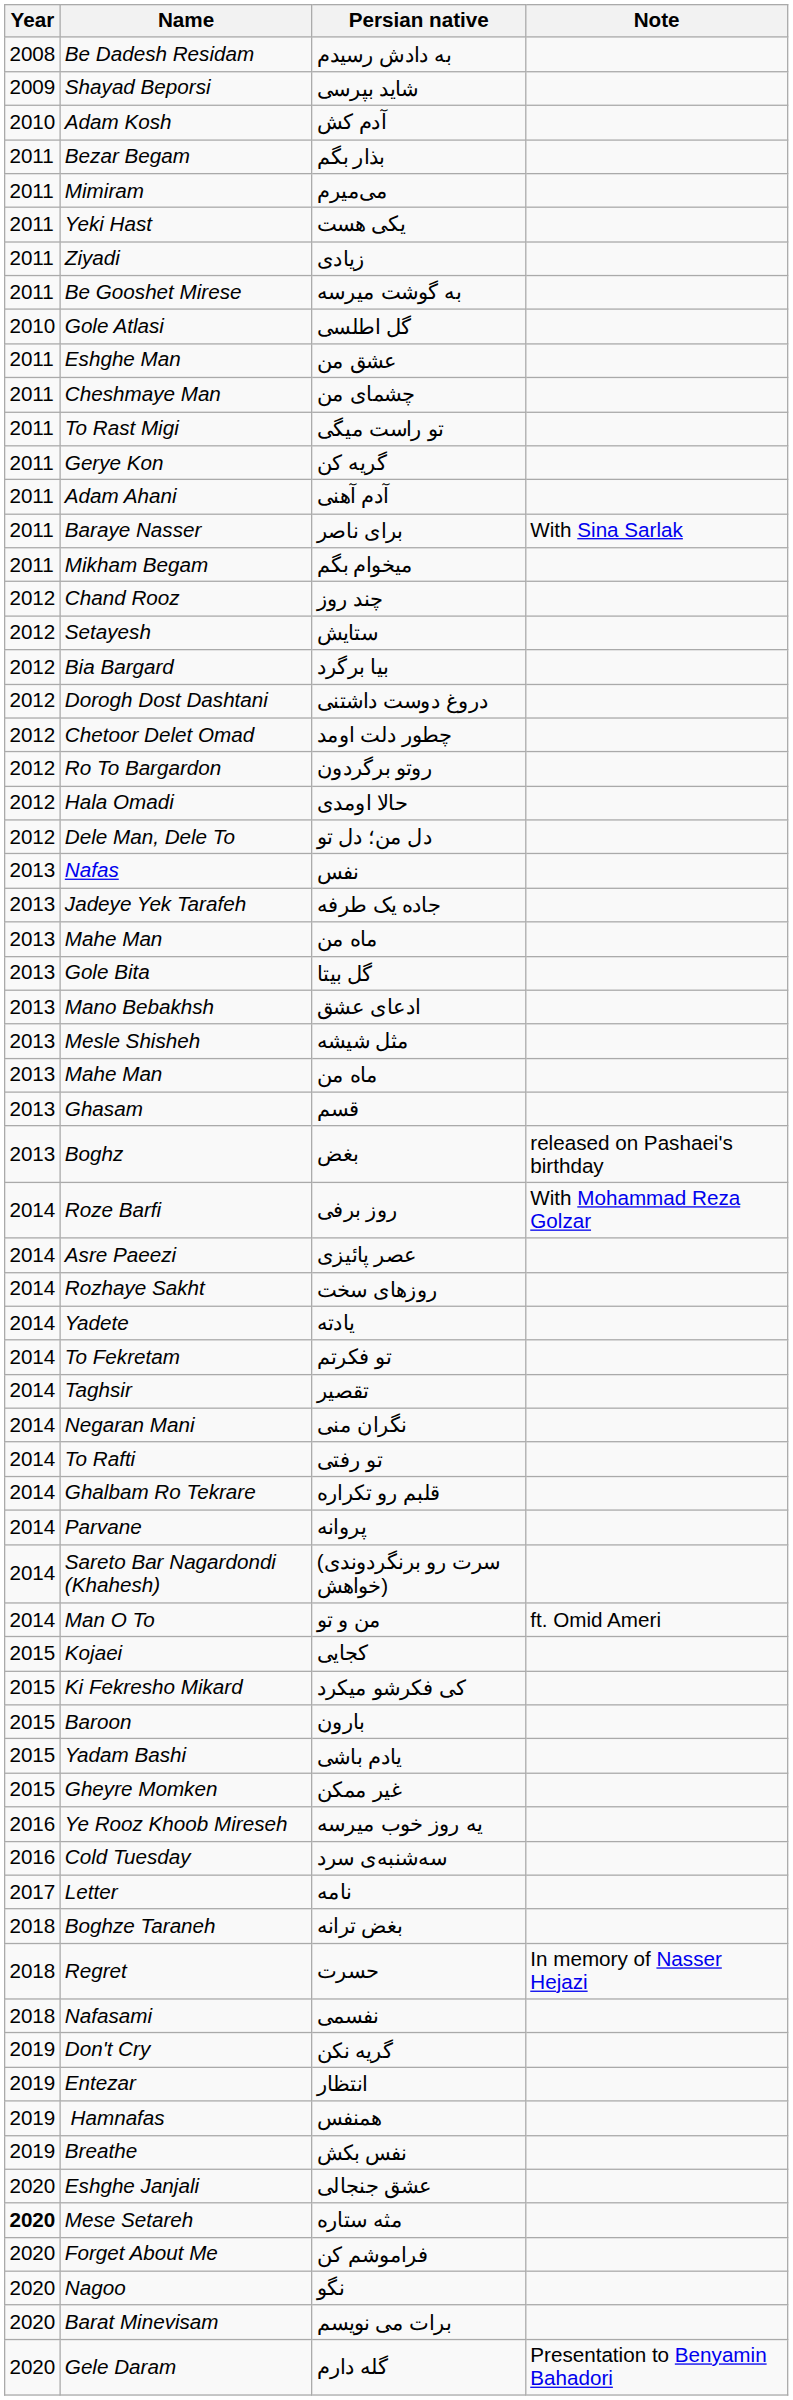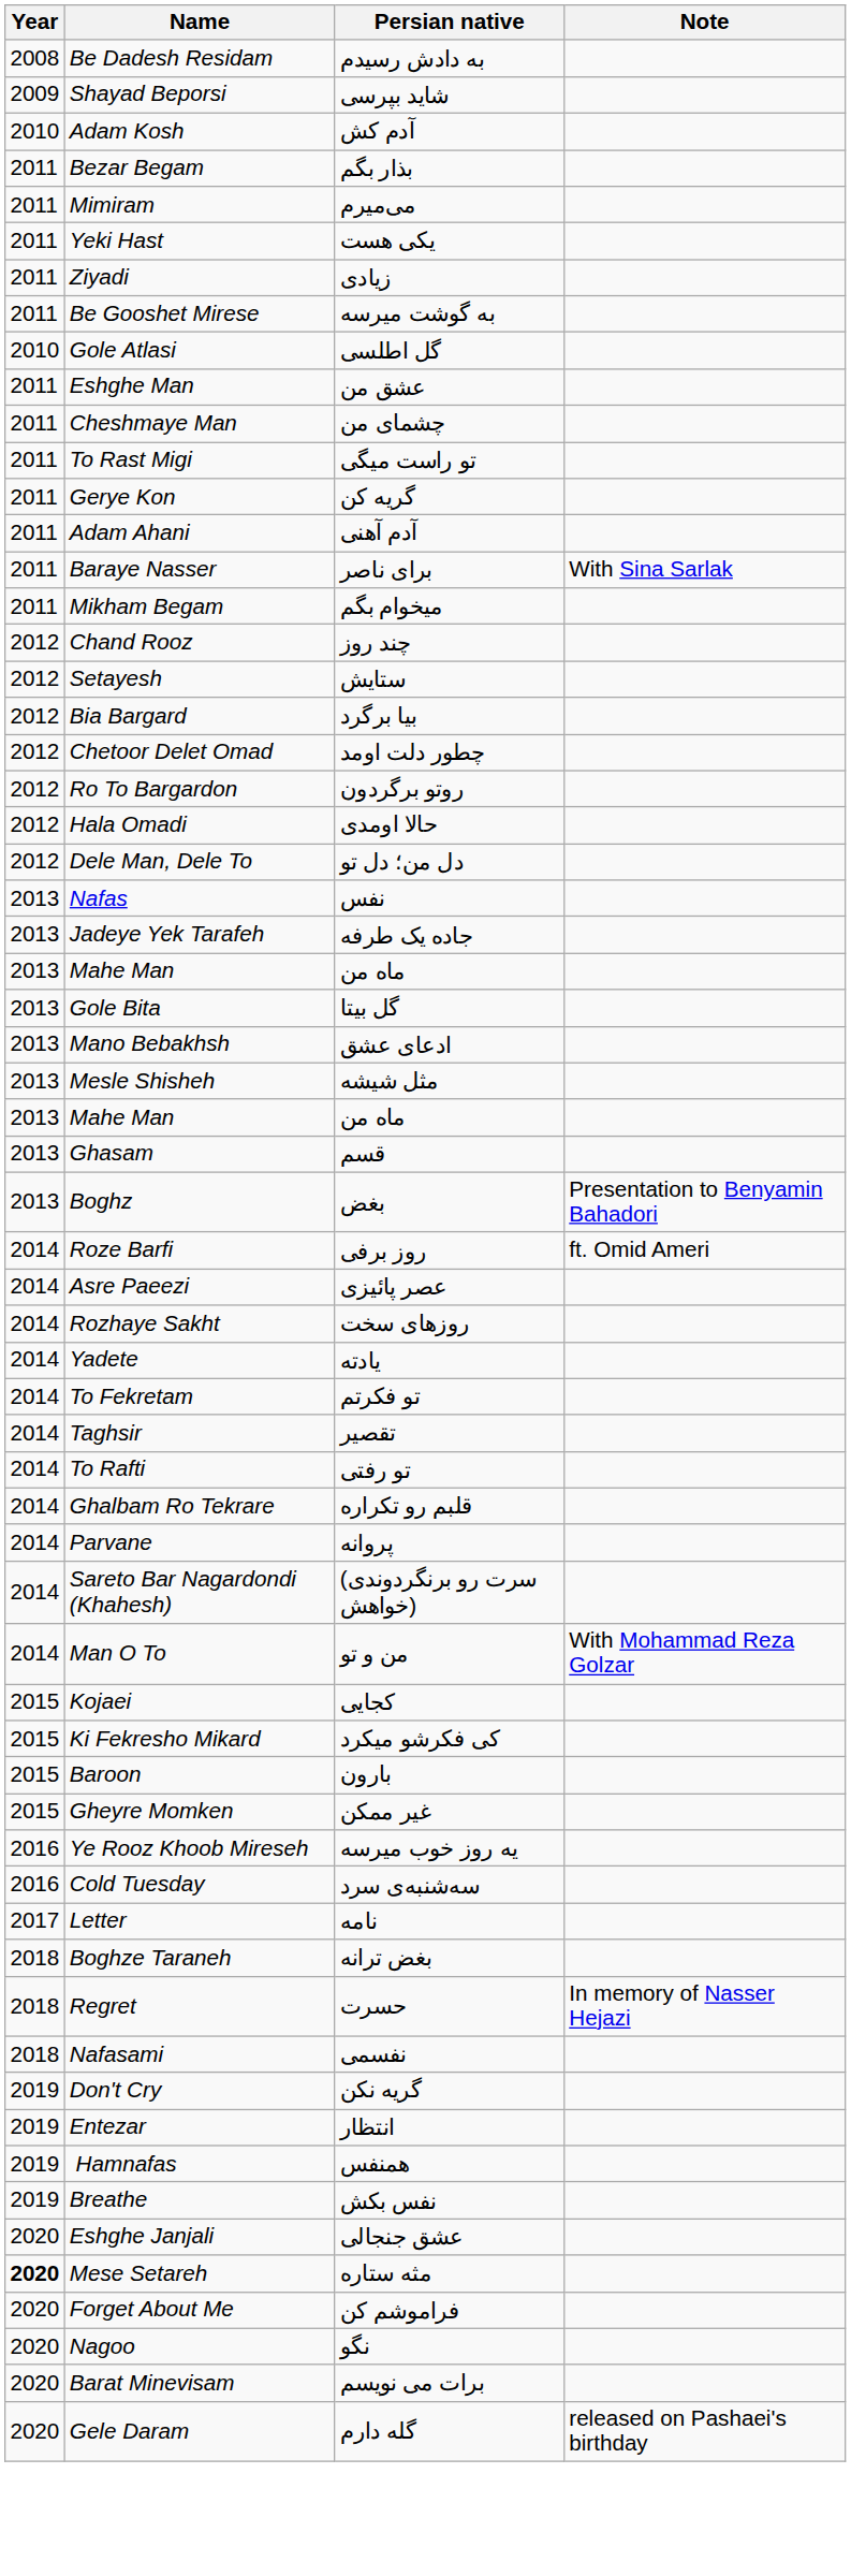 <table class="wikitable">
 <tr>
 <th rowspan="1">Year</th>
 <th rowspan="1">Name</th>
 <th rowspan="1">Persian native</th>
 <th rowspan="1">Note</th>
 </tr>
 <tr>
 <td>2008</td>
 <td><em>Be Dadesh Residam </em></td>
 <td>به دادش رسيدم</td>
 <td></td>
 </tr>
 <tr>
 <td>2009</td>
 <td><em>Shayad Beporsi</em></td>
 <td>شاید بپرسی</td>
 <td></td>
 </tr>
 <tr>
 <td>2010</td>
 <td><em>Adam Kosh</em></td>
 <td>آدم کش</td>
 <td></td>
 </tr>
 <tr>
 <td>2011</td>
 <td><em>Bezar Begam</em></td>
 <td>بذار بگم</td>
 <td></td>
 </tr>
 <tr>
 <td>2011</td>
 <td><em>Mimiram</em></td>
 <td>می‌میرم</td>
 <td></td>
 </tr>
 <tr>
 <td>2011</td>
 <td><em>Yeki Hast</em></td>
 <td>یکی هست</td>
 <td></td>
 </tr>
 <tr>
 <td>2011</td>
 <td><em>Ziyadi</em></td>
 <td>زیادی</td>
 <td></td>
 </tr>
 <tr>
 <td>2011</td>
 <td><em> ‌Be Gooshet Mirese </em></td>
 <td>به گوشت میرسه</td>
 <td></td>
 </tr>
 <tr>
 <td>2010</td>
 <td><em>Gole Atlasi</em></td>
 <td>گل اطلسی</td>
 <td></td>
 </tr>
 <tr>
 <td>2011</td>
 <td><em>Eshghe Man</em></td>
 <td>عشق من</td>
 <td></td>
 </tr>
 <tr>
 <td>2011</td>
 <td><em>Cheshmaye Man</em></td>
 <td>چشمای من</td>
 <td></td>
 </tr>
 <tr>
 <td>2011</td>
 <td><em>To Rast Migi</em></td>
 <td>تو راست میگی</td>
 <td></td>
 </tr>
 <tr>
 <td>2011</td>
 <td><em>Gerye Kon</em></td>
 <td>گریه کن</td>
 <td></td>
 </tr>
 <tr>
 <td>2011</td>
 <td><em>Adam Ahani</em></td>
 <td>آدم آهنی</td>
 <td></td>
 </tr>
 <tr>
 <td>2011</td>
 <td><em>Baraye Nasser</em></td>
 <td>برای ناصر</td>
 <td>With <a href='#'>Sina Sarlak</a></td>
 </tr>
 <tr>
 <td>2011</td>
 <td><em>Mikham Begam</em></td>
 <td>میخوام بگم</td>
 <td></td>
 </tr>
 <tr>
 <td>2012</td>
 <td><em>Chand Rooz</em></td>
 <td>چند روز</td>
 <td></td>
 </tr>
 <tr>
 <td>2012</td>
 <td><em>Setayesh</em></td>
 <td>ستایش</td>
 <td></td>
 </tr>
 <tr>
 <td>2012</td>
 <td><em>Bia Bargard</em></td>
 <td>بیا برگرد</td>
 <td></td>
 </tr>
 <tr>
 <td>2012</td>
-<td><em>Dorogh Dost Dashtani</em></td>
-<td>دروغ دوست داشتنی</td>
-<td></td>
-</tr>
-<tr>
-<td>2012</td>
 <td><em>Chetoor Delet Omad</em></td>
 <td>چطور دلت اومد</td>
 <td></td>
 </tr>
 <tr>
 <td>2012</td>
 <td><em>Ro To Bargardon</em></td>
 <td>روتو برگردون</td>
 <td></td>
 </tr>
 <tr>
 <td>2012</td>
 <td><em>Hala Omadi</em></td>
 <td>حالا اومدی</td>
 <td></td>
 </tr>
 <tr>
 <td>2012</td>
 <td><em>Dele Man, Dele To</em></td>
 <td>دل من؛ دل تو</td>
 <td></td>
 </tr>
 <tr>
 <td>2013</td>
 <td><em><a href='#'>Nafas</a></em></td>
 <td>نفس</td>
 <td></td>
 </tr>
 <tr>
 <td>2013</td>
 <td><em>Jadeye Yek Tarafeh</em></td>
 <td>جاده یک طرفه</td>
 <td></td>
 </tr>
 <tr>
 <td>2013</td>
 <td><em>Mahe Man</em></td>
 <td>ماه من</td>
 <td></td>
 </tr>
 <tr>
 <td>2013</td>
 <td><em>Gole Bita</em></td>
 <td>گل بیتا</td>
 <td></td>
 </tr>
 <tr>
 <td>2013</td>
 <td><em>Mano Bebakhsh</em></td>
 <td>ادعای عشق</td>
 <td></td>
 </tr>
 <tr>
 <td>2013</td>
 <td><em>Mesle Shisheh</em></td>
 <td>مثل شیشه</td>
 <td></td>
 </tr>
 <tr>
 <td>2013</td>
 <td><em>Mahe Man</em></td>
 <td>ماه من</td>
 <td></td>
 </tr>
 <tr>
 <td>2013</td>
 <td><em>Ghasam</em></td>
 <td>قسم</td>
 <td></td>
 </tr>
 <tr>
 <td>2013</td>
 <td><em>Boghz</em></td>
 <td>بغض</td>
-<td>released on Pashaei's birthday</td>
+<td>Presentation to <a href='#'>Benyamin Bahadori</a></td>
 </tr>
 <tr>
 <td>2014</td>
 <td><em>Roze Barfi</em></td>
 <td>روز برفی</td>
-<td>With <a href='#'>Mohammad Reza Golzar</a></td>
+<td>ft. Omid Ameri</td>
 </tr>
 <tr>
 <td>2014</td>
 <td><em>Asre Paeezi</em></td>
 <td>عصر پائیزی</td>
 <td></td>
 </tr>
 <tr>
 <td>2014</td>
 <td><em>Rozhaye Sakht</em></td>
 <td>روزهای سخت</td>
 <td></td>
 </tr>
 <tr>
 <td>2014</td>
 <td><em>Yadete</em></td>
 <td>یادته</td>
 <td></td>
 </tr>
 <tr>
 <td>2014</td>
 <td><em>To Fekretam</em></td>
 <td>تو فکرتم</td>
 <td></td>
 </tr>
 <tr>
 <td>2014</td>
 <td><em>Taghsir</em></td>
 <td>تقصیر</td>
 <td></td>
 </tr>
 <tr>
 <td>2014</td>
-<td><em>Negaran Mani</em></td>
-<td>نگران منی</td>
-<td></td>
-</tr>
-<tr>
-<td>2014</td>
 <td><em>To Rafti</em></td>
 <td>تو رفتی</td>
 <td></td>
 </tr>
 <tr>
 <td>2014</td>
 <td><em>Ghalbam Ro Tekrare</em></td>
 <td>قلبم رو تکراره</td>
 <td></td>
 </tr>
 <tr>
 <td>2014</td>
 <td><em>Parvane</em></td>
 <td>پروانه</td>
 <td></td>
 </tr>
 <tr>
 <td>2014</td>
 <td><em>Sareto Bar Nagardondi (‌Khahesh)</em></td>
 <td>(سرت رو برنگردوندی (خواهش</td>
 <td></td>
 </tr>
 <tr>
 <td>2014</td>
 <td><em> Man O To </em></td>
 <td>من و تو</td>
-<td>ft. Omid Ameri</td>
+<td>With <a href='#'>Mohammad Reza Golzar</a></td>
 </tr>
 <tr>
 <td>2015</td>
 <td><em>Kojaei</em></td>
 <td>کجایی</td>
 <td></td>
 </tr>
 <tr>
 <td>2015</td>
 <td><em>Ki Fekresho Mikard</em></td>
 <td>کی فکرشو میکرد</td>
 <td></td>
 </tr>
 <tr>
 <td>2015</td>
 <td><em>Baroon</em></td>
 <td>بارون</td>
-<td></td>
-</tr>
-<tr>
-<td>2015</td>
-<td><em>Yadam Bashi</em></td>
-<td>یادم باشی</td>
 <td></td>
 </tr>
 <tr>
 <td>2015</td>
 <td><em>Gheyre Momken</em></td>
 <td>غیر ممکن</td>
 <td></td>
 </tr>
 <tr>
 <td>2016</td>
 <td><em>Ye Rooz Khoob Mireseh</em></td>
 <td>يه روز خوب ميرسه</td>
 <td></td>
 </tr>
 <tr>
 <td>2016</td>
 <td><em>Cold Tuesday</em></td>
 <td>سه‌شنبه‌ی سرد</td>
 <td></td>
 </tr>
 <tr>
 <td>2017</td>
 <td><em>Letter</em></td>
 <td>نامه</td>
 <td></td>
 </tr>
 <tr>
 <td>2018</td>
 <td><em>Boghze Taraneh</em></td>
 <td>بغض ترانه</td>
 <td></td>
 </tr>
 <tr>
 <td>2018</td>
 <td><em>Regret</em></td>
 <td>حسرت</td>
 <td>In memory of <a href='#'>Nasser Hejazi</a></td>
 </tr>
 <tr>
 <td>2018</td>
 <td><em>Nafasami</em></td>
 <td>نفسمی</td>
 <td></td>
 </tr>
 <tr>
 <td>2019</td>
 <td><em>Don't Cry</em></td>
 <td>گریه نکن</td>
 <td></td>
 </tr>
 <tr>
 <td>2019</td>
 <td><em>Entezar</em></td>
 <td>انتظار</td>
 <td></td>
 </tr>
 <tr>
 <td>2019</td>
 <td>‌ <em>Hamnafas</em></td>
 <td>همنفس</td>
 <td></td>
 </tr>
 <tr>
 <td>2019</td>
 <td><em>Breathe</em></td>
 <td>نفس بکش</td>
 <td></td>
 </tr>
 <tr>
 <td>2020</td>
 <td><em>Eshghe Janjali</em></td>
 <td>عشق جنجالی</td>
 <td></td>
 </tr>
 <tr>
 <td><strong>2020</strong></td>
 <td><em>Mese Setareh</em></td>
 <td>مثه ستاره</td>
 <td></td>
 </tr>
 <tr>
 <td>2020</td>
 <td><em>Forget About Me</em></td>
 <td>فراموشم کن</td>
 <td></td>
 </tr>
 <tr>
 <td>2020</td>
 <td><em>Nagoo</em></td>
 <td>نگو</td>
 <td></td>
 </tr>
 <tr>
 <td>2020</td>
 <td><em>Barat Minevisam</em></td>
 <td>برات می نویسم</td>
 <td></td>
 </tr>
 <tr>
 <td>2020</td>
 <td><em>Gele Daram</em></td>
 <td>گله دارم</td>
-<td>Presentation to <a href='#'>Benyamin Bahadori</a></td>
+<td>released on Pashaei's birthday</td>
 </tr>
 </table>
